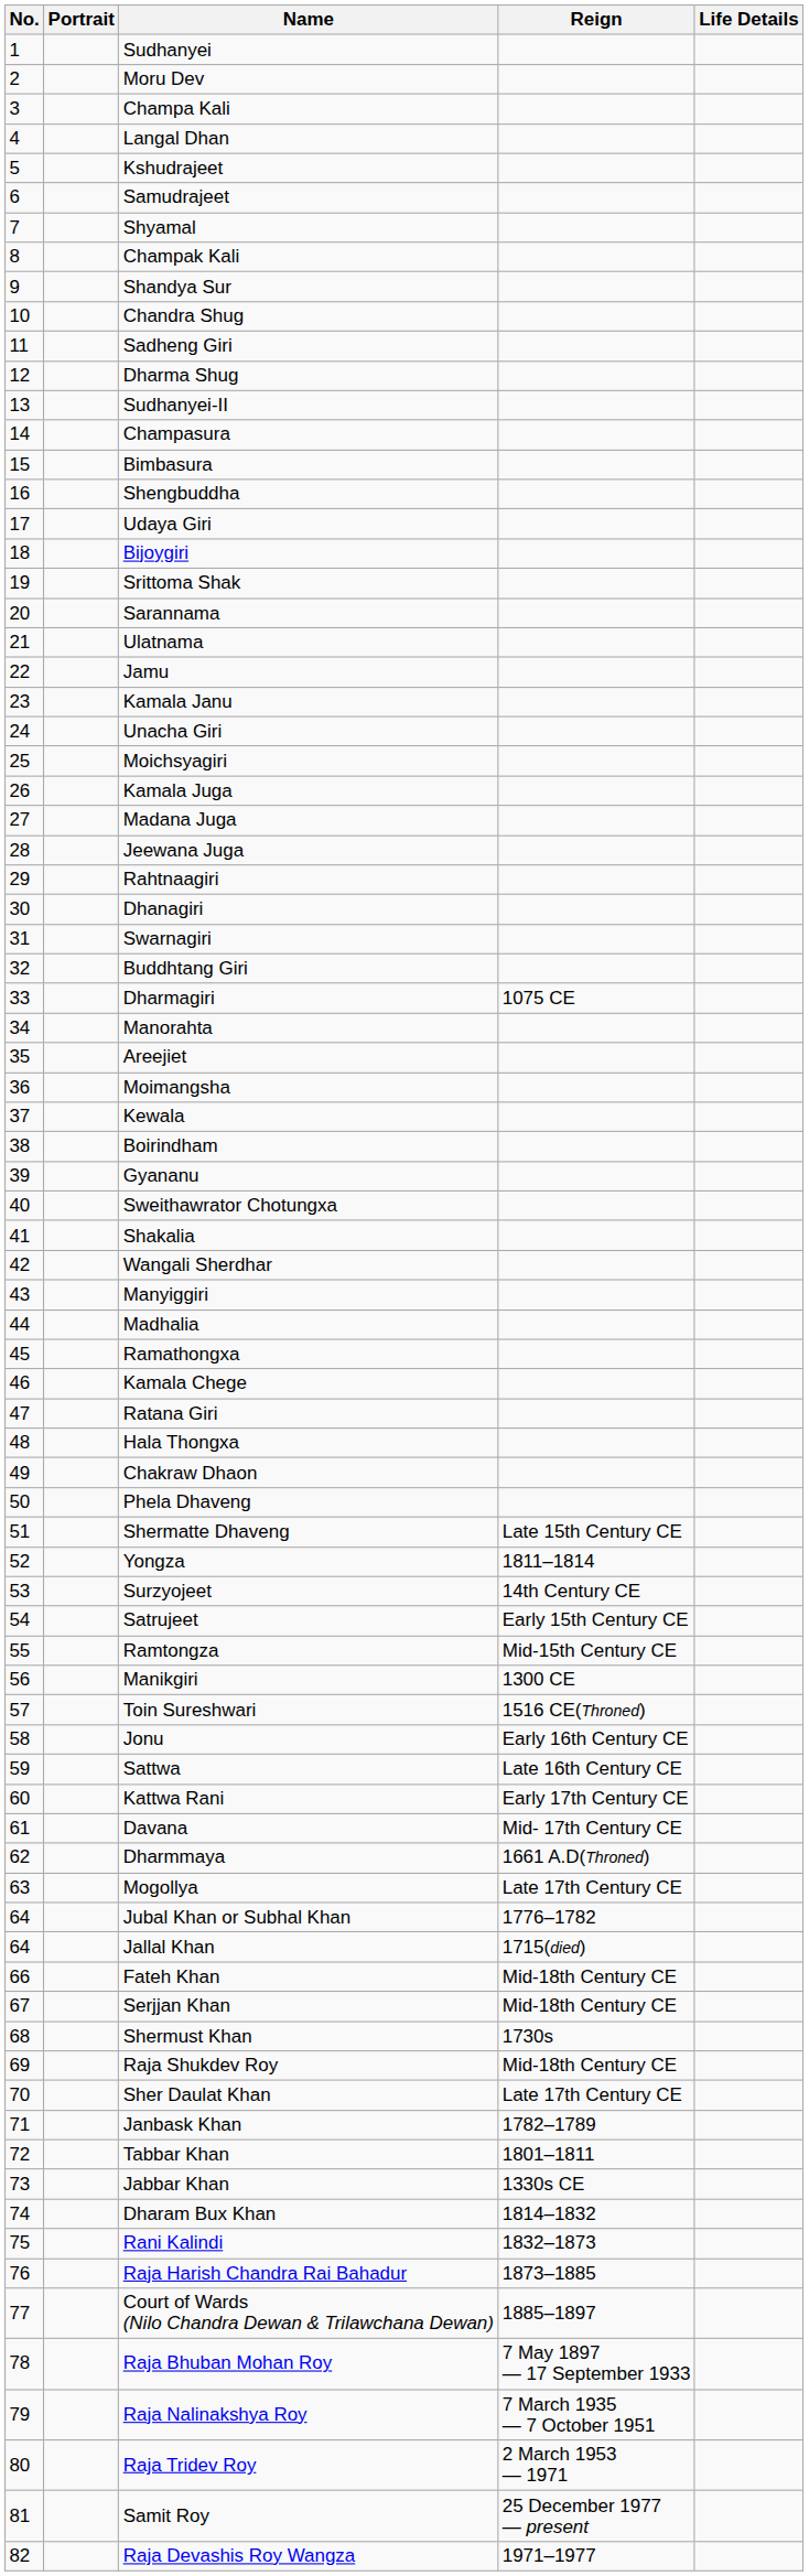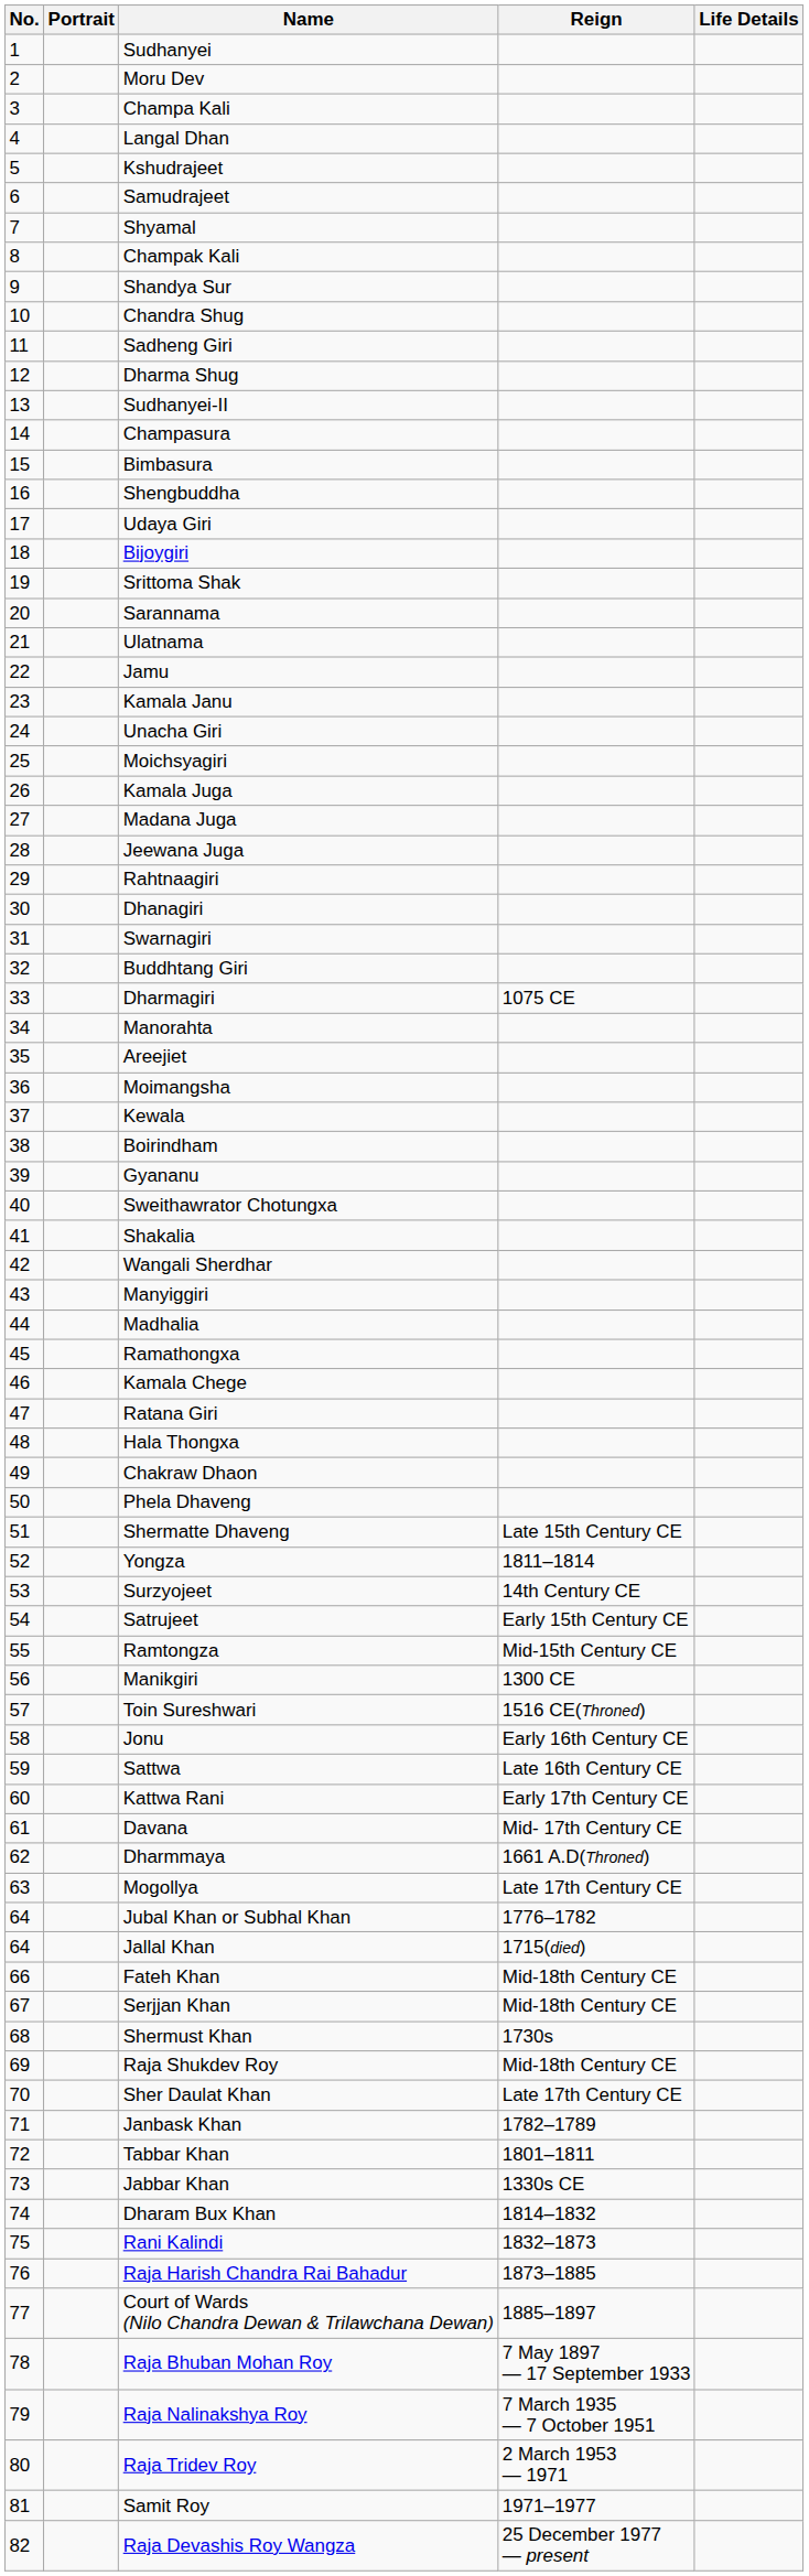 <table class="wikitable">
 <tr>
 <th>No.</th>
 <th>Portrait</th>
 <th>Name</th>
 <th>Reign</th>
 <th>Life Details</th>
 </tr>
 <tr>
 <td>1</td>
 <td></td>
 <td>Sudhanyei</td>
 <td></td>
 <td></td>
 </tr>
 <tr>
 <td>2</td>
 <td></td>
 <td>Moru Dev</td>
 <td></td>
 <td></td>
 </tr>
 <tr>
 <td>3</td>
 <td></td>
 <td>Champa Kali</td>
 <td></td>
 <td></td>
 </tr>
 <tr>
 <td>4</td>
 <td></td>
 <td>Langal Dhan</td>
 <td></td>
 <td></td>
 </tr>
 <tr>
 <td>5</td>
 <td></td>
 <td>Kshudrajeet</td>
 <td></td>
 <td></td>
 </tr>
 <tr>
 <td>6</td>
 <td></td>
 <td>Samudrajeet</td>
 <td></td>
 <td></td>
 </tr>
 <tr>
 <td>7</td>
 <td></td>
 <td>Shyamal</td>
 <td></td>
 <td></td>
 </tr>
 <tr>
 <td>8</td>
 <td></td>
 <td>Champak Kali</td>
 <td></td>
 <td></td>
 </tr>
 <tr>
 <td>9</td>
 <td></td>
 <td>Shandya Sur</td>
 <td></td>
 <td></td>
 </tr>
 <tr>
 <td>10</td>
 <td></td>
 <td>Chandra Shug</td>
 <td></td>
 <td></td>
 </tr>
 <tr>
 <td>11</td>
 <td></td>
 <td>Sadheng Giri</td>
 <td></td>
 <td></td>
 </tr>
 <tr>
 <td>12</td>
 <td></td>
 <td>Dharma Shug</td>
 <td></td>
 <td></td>
 </tr>
 <tr>
 <td>13</td>
 <td></td>
 <td>Sudhanyei-II</td>
 <td></td>
 <td></td>
 </tr>
 <tr>
 <td>14</td>
 <td></td>
 <td>Champasura</td>
 <td></td>
 <td></td>
 </tr>
 <tr>
 <td>15</td>
 <td></td>
 <td>Bimbasura</td>
 <td></td>
 <td></td>
 </tr>
 <tr>
 <td>16</td>
 <td></td>
 <td>Shengbuddha</td>
 <td></td>
 <td></td>
 </tr>
 <tr>
 <td>17</td>
 <td></td>
 <td>Udaya Giri</td>
 <td></td>
 <td></td>
 </tr>
 <tr>
 <td>18</td>
 <td></td>
 <td><a href='#'>Bijoygiri</a></td>
 <td></td>
 <td></td>
 </tr>
 <tr>
 <td>19</td>
 <td></td>
 <td>Srittoma Shak</td>
 <td></td>
 <td></td>
 </tr>
 <tr>
 <td>20</td>
 <td></td>
 <td>Sarannama</td>
 <td></td>
 <td></td>
 </tr>
 <tr>
 <td>21</td>
 <td></td>
 <td>Ulatnama</td>
 <td></td>
 <td></td>
 </tr>
 <tr>
 <td>22</td>
 <td></td>
 <td>Jamu</td>
 <td></td>
 <td></td>
 </tr>
 <tr>
 <td>23</td>
 <td></td>
 <td>Kamala Janu</td>
 <td></td>
 <td></td>
 </tr>
 <tr>
 <td>24</td>
 <td></td>
 <td>Unacha Giri</td>
 <td></td>
 <td></td>
 </tr>
 <tr>
 <td>25</td>
 <td></td>
 <td>Moichsyagiri</td>
 <td></td>
 <td></td>
 </tr>
 <tr>
 <td>26</td>
 <td></td>
 <td>Kamala Juga</td>
 <td></td>
 <td></td>
 </tr>
 <tr>
 <td>27</td>
 <td></td>
 <td>Madana Juga</td>
 <td></td>
 <td></td>
 </tr>
 <tr>
 <td>28</td>
 <td></td>
 <td>Jeewana Juga</td>
 <td></td>
 <td></td>
 </tr>
 <tr>
 <td>29</td>
 <td></td>
 <td>Rahtnaagiri</td>
 <td></td>
 <td></td>
 </tr>
 <tr>
 <td>30</td>
 <td></td>
 <td>Dhanagiri</td>
 <td></td>
 <td></td>
 </tr>
 <tr>
 <td>31</td>
 <td></td>
 <td>Swarnagiri</td>
 <td></td>
 <td></td>
 </tr>
 <tr>
 <td>32</td>
 <td></td>
 <td>Buddhtang Giri</td>
 <td></td>
 <td></td>
 </tr>
 <tr>
 <td>33</td>
 <td></td>
 <td>Dharmagiri</td>
 <td>1075 CE</td>
 <td></td>
 </tr>
 <tr>
 <td>34</td>
 <td></td>
 <td>Manorahta</td>
 <td></td>
 <td></td>
 </tr>
 <tr>
 <td>35</td>
 <td></td>
 <td>Areejiet</td>
 <td></td>
 <td></td>
 </tr>
 <tr>
 <td>36</td>
 <td></td>
 <td>Moimangsha</td>
 <td></td>
 <td></td>
 </tr>
 <tr>
 <td>37</td>
 <td></td>
 <td>Kewala</td>
 <td></td>
 <td></td>
 </tr>
 <tr>
 <td>38</td>
 <td></td>
 <td>Boirindham</td>
 <td></td>
 <td></td>
 </tr>
 <tr>
 <td>39</td>
 <td></td>
 <td>Gyananu</td>
 <td></td>
 <td></td>
 </tr>
 <tr>
 <td>40</td>
 <td></td>
 <td>Sweithawrator Chotungxa</td>
 <td></td>
 <td></td>
 </tr>
 <tr>
 <td>41</td>
 <td></td>
 <td>Shakalia</td>
 <td></td>
 <td></td>
 </tr>
 <tr>
 <td>42</td>
 <td></td>
 <td>Wangali Sherdhar</td>
 <td></td>
 <td></td>
 </tr>
 <tr>
 <td>43</td>
 <td></td>
 <td>Manyiggiri</td>
 <td></td>
 <td></td>
 </tr>
 <tr>
 <td>44</td>
 <td></td>
 <td>Madhalia</td>
 <td></td>
 <td></td>
 </tr>
 <tr>
 <td>45</td>
 <td></td>
 <td>Ramathongxa</td>
 <td></td>
 <td></td>
 </tr>
 <tr>
 <td>46</td>
 <td></td>
 <td>Kamala Chege</td>
 <td></td>
 <td></td>
 </tr>
 <tr>
 <td>47</td>
 <td></td>
 <td>Ratana Giri</td>
 <td></td>
 <td></td>
 </tr>
 <tr>
 <td>48</td>
 <td></td>
 <td>Hala Thongxa</td>
 <td></td>
 <td></td>
 </tr>
 <tr>
 <td>49</td>
 <td></td>
 <td>Chakraw Dhaon</td>
 <td></td>
 <td></td>
 </tr>
 <tr>
 <td>50</td>
 <td></td>
 <td>Phela Dhaveng</td>
 <td></td>
 <td></td>
 </tr>
 <tr>
 <td>51</td>
 <td></td>
 <td>Shermatte Dhaveng</td>
 <td>Late 15th Century CE</td>
 <td></td>
 </tr>
 <tr>
 <td>52</td>
 <td></td>
 <td>Yongza</td>
 <td>1811–1814</td>
 <td></td>
 </tr>
 <tr>
 <td>53</td>
 <td></td>
 <td>Surzyojeet</td>
 <td>14th Century CE</td>
 <td></td>
 </tr>
 <tr>
 <td>54</td>
 <td></td>
 <td>Satrujeet</td>
 <td>Early 15th Century CE</td>
 <td></td>
 </tr>
 <tr>
 <td>55</td>
 <td></td>
 <td>Ramtongza</td>
 <td>Mid-15th Century CE</td>
 <td></td>
 </tr>
 <tr>
 <td>56</td>
 <td></td>
 <td>Manikgiri</td>
 <td>1300 CE</td>
 <td></td>
 </tr>
 <tr>
 <td>57</td>
 <td></td>
 <td>Toin Sureshwari</td>
 <td>1516 CE(<em><small>Throned</small></em>)</td>
 <td></td>
 </tr>
 <tr>
 <td>58</td>
 <td></td>
 <td>Jonu</td>
 <td>Early 16th Century CE</td>
 <td></td>
 </tr>
 <tr>
 <td>59</td>
 <td></td>
 <td>Sattwa</td>
 <td>Late  16th Century CE</td>
 <td></td>
 </tr>
 <tr>
 <td>60</td>
 <td></td>
 <td>Kattwa Rani</td>
 <td>Early 17th Century CE</td>
 <td></td>
 </tr>
 <tr>
 <td>61</td>
 <td></td>
 <td>Davana</td>
 <td>Mid- 17th Century CE</td>
 <td></td>
 </tr>
 <tr>
 <td>62</td>
 <td></td>
 <td>Dharmmaya</td>
 <td>1661 A.D(<small><em>Throned</em></small>)</td>
 <td></td>
 </tr>
 <tr>
 <td>63</td>
 <td></td>
 <td>Mogollya</td>
 <td>Late 17th Century CE</td>
 <td></td>
 </tr>
 <tr>
 <td>64</td>
 <td></td>
 <td>Jubal Khan or Subhal Khan</td>
 <td>1776–1782</td>
 <td></td>
 </tr>
 <tr>
 <td>64</td>
 <td></td>
 <td>Jallal Khan</td>
 <td>1715(<em><small>died</small></em>)</td>
 <td></td>
 </tr>
 <tr>
 <td>66</td>
 <td></td>
 <td>Fateh Khan</td>
 <td>Mid-18th Century CE</td>
 <td></td>
 </tr>
 <tr>
 <td>67</td>
 <td></td>
 <td>Serjjan Khan</td>
 <td>Mid-18th Century CE</td>
 <td></td>
 </tr>
 <tr>
 <td>68</td>
 <td></td>
 <td>Shermust Khan</td>
 <td>1730s</td>
 <td></td>
 </tr>
 <tr>
 <td>69</td>
 <td></td>
 <td>Raja Shukdev Roy</td>
 <td>Mid-18th Century CE</td>
 <td></td>
 </tr>
 <tr>
 <td>70</td>
 <td></td>
 <td>Sher Daulat Khan</td>
 <td>Late 17th Century CE</td>
 <td></td>
 </tr>
 <tr>
 <td>71</td>
 <td></td>
 <td>Janbask Khan</td>
 <td>1782–1789</td>
 <td></td>
 </tr>
 <tr>
 <td>72</td>
 <td></td>
 <td>Tabbar Khan</td>
 <td>1801–1811</td>
 <td></td>
 </tr>
 <tr>
 <td>73</td>
 <td></td>
 <td>Jabbar Khan</td>
 <td>1330s CE</td>
 <td></td>
 </tr>
 <tr>
 <td>74</td>
 <td></td>
 <td>Dharam Bux Khan</td>
 <td>1814–1832</td>
 <td></td>
 </tr>
 <tr>
 <td>75</td>
 <td></td>
 <td><a href='#'>Rani Kalindi</a></td>
 <td>1832–1873</td>
 <td></td>
 </tr>
 <tr>
 <td>76</td>
 <td></td>
 <td><a href='#'>Raja Harish Chandra Rai Bahadur</a></td>
 <td>1873–1885</td>
 <td></td>
 </tr>
 <tr>
 <td>77</td>
 <td></td>
 <td>Court of Wards<br><em>(Nilo Chandra Dewan</em> <em>& Trilawchana Dewan)</em></td>
 <td>1885–1897</td>
 <td></td>
 </tr>
 <tr>
 <td>78</td>
 <td></td>
 <td><a href='#'>Raja Bhuban Mohan Roy</a></td>
 <td>7 May 1897<br>—  17 September 1933</td>
 <td></td>
 </tr>
 <tr>
 <td>79</td>
 <td></td>
 <td><a href='#'>Raja Nalinakshya Roy</a></td>
 <td>7 March 1935<br>—  7 October 1951</td>
 <td></td>
 </tr>
 <tr>
 <td>80</td>
 <td></td>
 <td><a href='#'>Raja Tridev Roy</a></td>
 <td>2 March 1953<br>—  1971</td>
 <td></td>
 </tr>
 <tr>
 <td>81</td>
 <td></td>
 <td>Samit Roy</td>
-<td>25 December 1977<br>— <em>present</em></td>
+<td>1971–1977</td>
 <td></td>
 </tr>
 <tr>
 <td>82</td>
 <td></td>
 <td><a href='#'>Raja Devashis Roy Wangza</a></td>
-<td>1971–1977</td>
+<td>25 December 1977<br>— <em>present</em></td>
 <td></td>
 </tr>
 </table>
